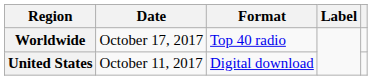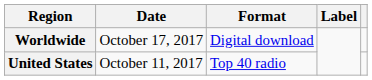 <table class="wikitable sortable plainrowheaders">
 <tr>
 <th scope="col">Region</th>
 <th scope="col">Date</th>
 <th scope="col">Format</th>
 <th scope="col">Label</th>
 <th scope="col"></th>
 </tr>
 <tr>
 <th scope="row">Worldwide</th>
 <td>October 17, 2017</td>
-<td><a href='#'>Top 40 radio</a></td>
+<td><a href='#'>Digital download</a></td>
 <td rowspan="2"></td>
 <td></td>
 </tr>
 <tr>
 <th scope="row">United States</th>
 <td>October 11, 2017</td>
-<td><a href='#'>Digital download</a></td>
+<td><a href='#'>Top 40 radio</a></td>
 <td></td>
 </tr>
 </table>
